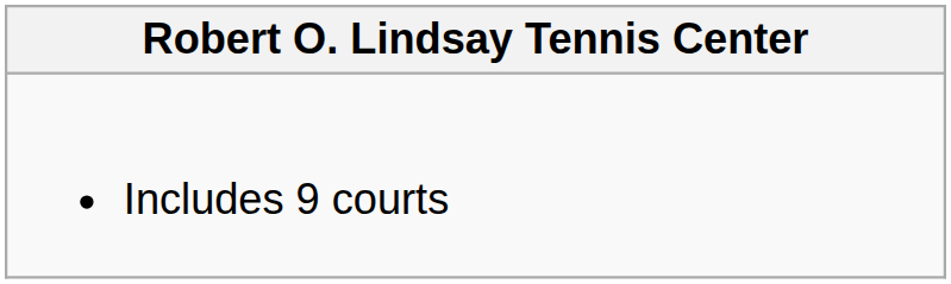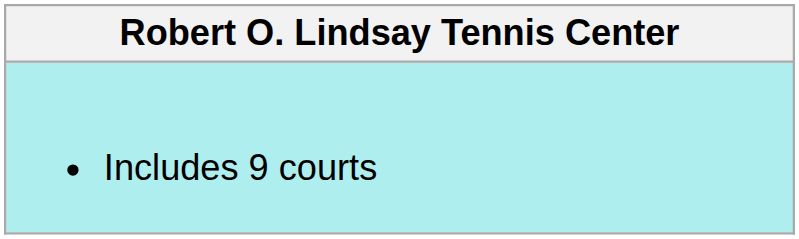 <table class="wikitable collapsible collapsed" style="width:350px;">
 <tr>
 <th><strong>Robert O. Lindsay Tennis Center</strong></th>
 </tr>
 <tr>
-<td><br><ul><li>Includes 9 courts</li></ul></td>
+<td style="background: paleturquoise;"><br><ul><li>Includes 9 courts</li></ul></td>
 </tr>
 </table>
